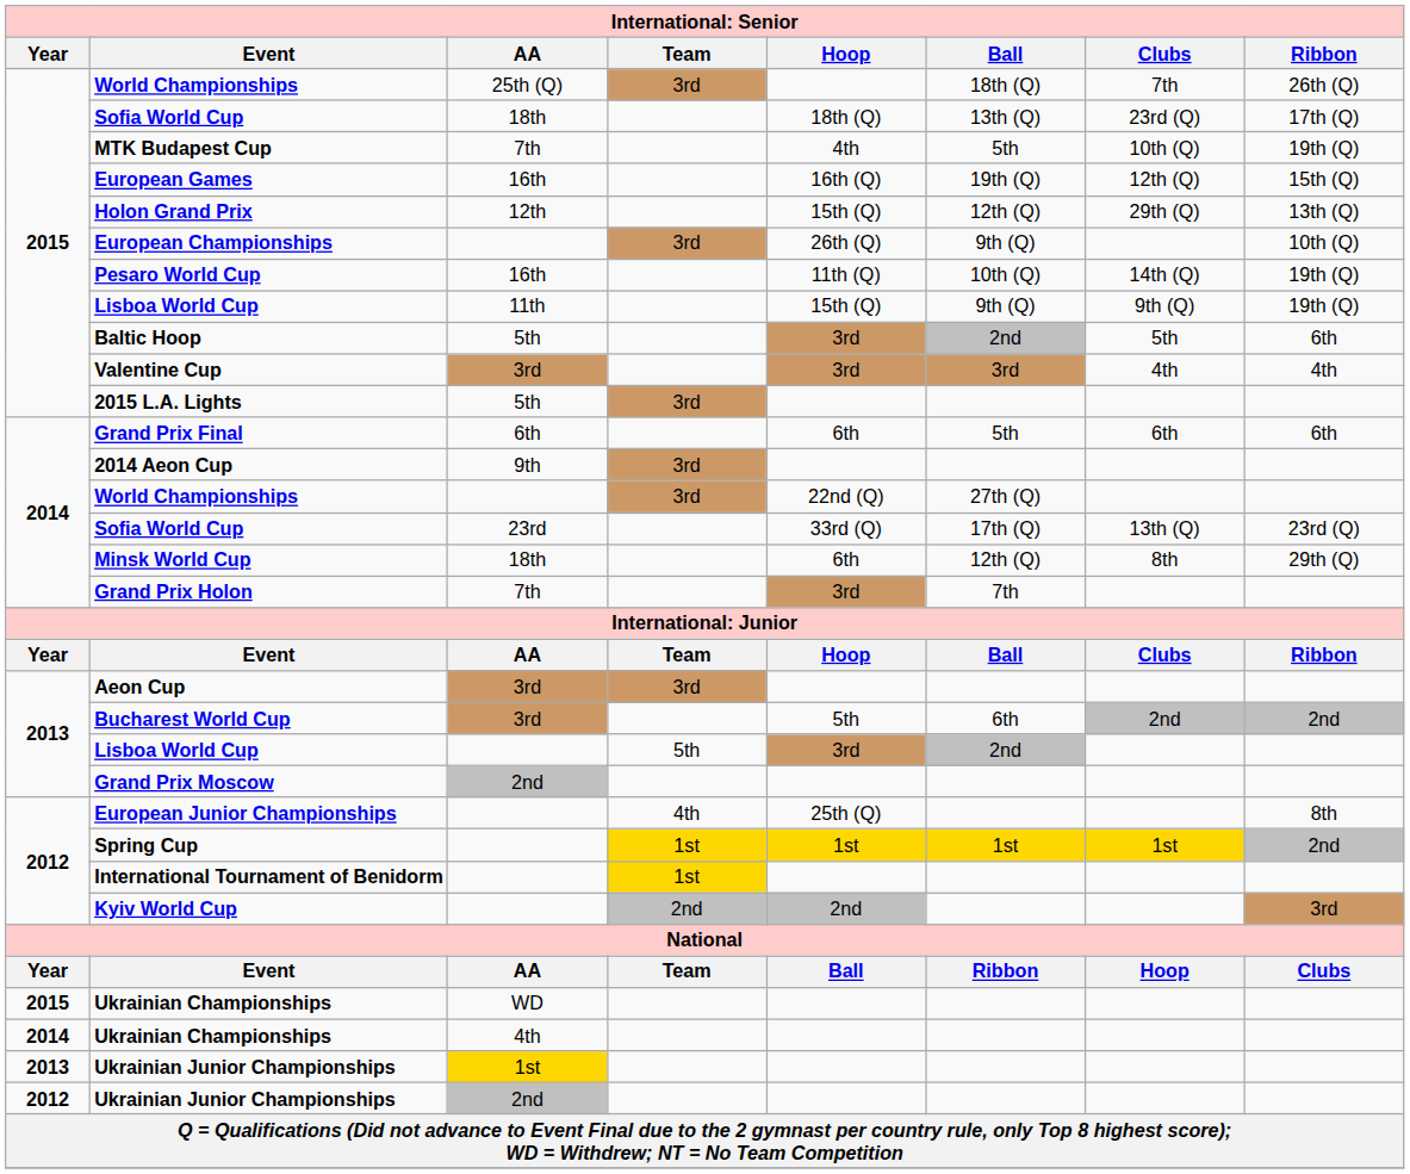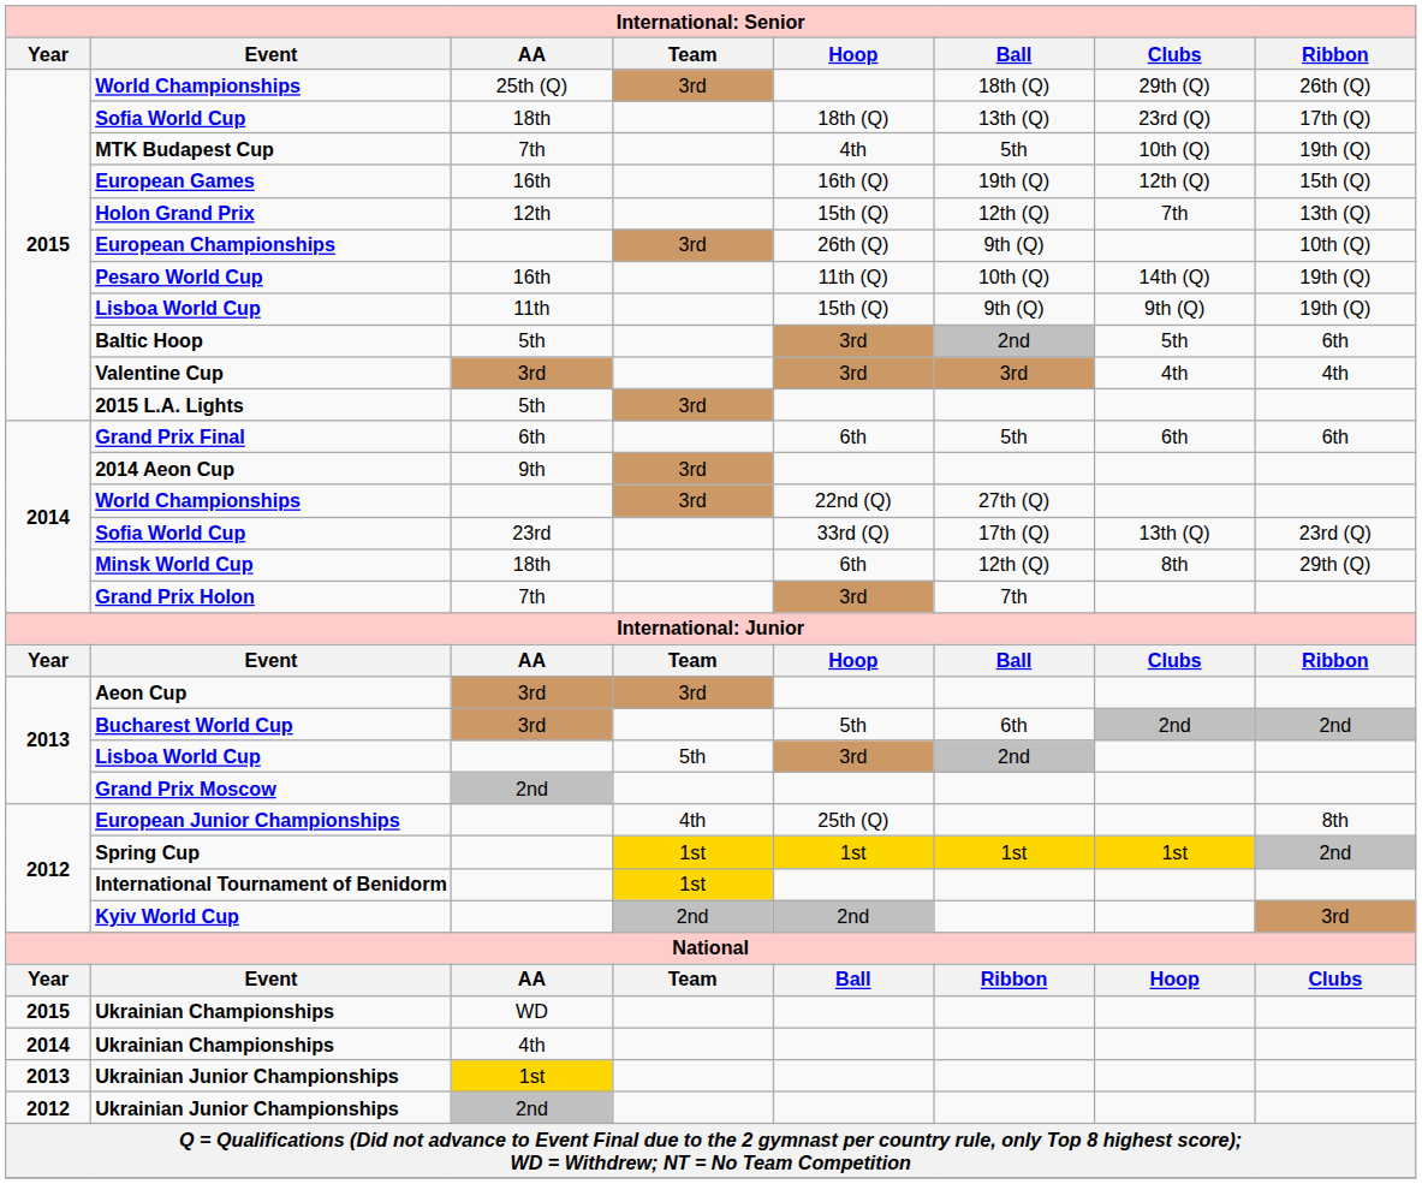 <table class="wikitable" style="text-align:center; font-size: 80%;">
 <tr>
 <th align=center colspan=8  style="background-color: #FFCCCC; "><strong>International: Senior</strong></th>
 </tr>
 <tr>
 <th>Year</th>
 <th>Event</th>
 <th width=100px>AA</th>
 <th width=100px>Team</th>
 <th width=100px><a href='#'>Hoop</a></th>
 <th width=100px><a href='#'>Ball</a></th>
 <th width=100px><a href='#'>Clubs</a></th>
 <th width=100px><a href='#'>Ribbon</a></th>
 </tr>
 <tr>
 <td rowspan="11" width=50px><strong>2015</strong></td>
 <td align=left><strong><a href='#'>World Championships</a></strong></td>
 <td>25th (Q)</td>
 <td bgcolor=CC9966>3rd</td>
 <td></td>
 <td>18th (Q)</td>
-<td>7th</td>
+<td>29th (Q)</td>
 <td>26th (Q)</td>
 </tr>
 <tr>
 <td align=left><strong><a href='#'>Sofia World Cup</a></strong></td>
 <td>18th</td>
 <td></td>
 <td>18th (Q)</td>
 <td>13th (Q)</td>
 <td>23rd (Q)</td>
 <td>17th (Q)</td>
 </tr>
 <tr>
 <td align=left><strong>MTK Budapest Cup</strong></td>
 <td>7th</td>
 <td></td>
 <td>4th</td>
 <td>5th</td>
 <td>10th (Q)</td>
 <td>19th (Q)</td>
 </tr>
 <tr>
 <td align=left><strong><a href='#'>European Games</a></strong></td>
 <td>16th</td>
 <td></td>
 <td>16th (Q)</td>
 <td>19th (Q)</td>
 <td>12th (Q)</td>
 <td>15th (Q)</td>
 </tr>
 <tr>
 <td align=left><strong><a href='#'>Holon Grand Prix</a></strong></td>
 <td>12th</td>
 <td></td>
 <td>15th (Q)</td>
 <td>12th (Q)</td>
-<td>29th (Q)</td>
+<td>7th</td>
 <td>13th (Q)</td>
 </tr>
 <tr>
 <td align=left><strong><a href='#'>European Championships</a></strong></td>
 <td></td>
 <td bgcolor=CC9966>3rd</td>
 <td>26th (Q)</td>
 <td>9th (Q)</td>
 <td></td>
 <td>10th (Q)</td>
 </tr>
 <tr>
 <td align=left><strong><a href='#'>Pesaro World Cup</a></strong></td>
 <td>16th</td>
 <td></td>
 <td>11th (Q)</td>
 <td>10th (Q)</td>
 <td>14th (Q)</td>
 <td>19th (Q)</td>
 </tr>
 <tr>
 <td align=left><strong><a href='#'>Lisboa World Cup</a></strong></td>
 <td>11th</td>
 <td></td>
 <td>15th (Q)</td>
 <td>9th (Q)</td>
 <td>9th (Q)</td>
 <td>19th (Q)</td>
 </tr>
 <tr>
 <td align=left><strong>Baltic Hoop</strong></td>
 <td>5th</td>
 <td></td>
 <td bgcolor=CC9966>3rd</td>
 <td bgcolor=silver>2nd</td>
 <td>5th</td>
 <td>6th</td>
 </tr>
 <tr>
 <td align=left><strong>Valentine Cup</strong></td>
 <td bgcolor=CC9966>3rd</td>
 <td></td>
 <td bgcolor=CC9966>3rd</td>
 <td bgcolor=CC9966>3rd</td>
 <td>4th</td>
 <td>4th</td>
 </tr>
 <tr>
 <td align=left><strong>2015 L.A. Lights</strong></td>
 <td>5th</td>
 <td bgcolor=CC9966>3rd</td>
 <td></td>
 <td></td>
 <td></td>
 <td></td>
 </tr>
 <tr>
 <td rowspan="6" width=50px><strong>2014</strong></td>
 <td align=left><strong><a href='#'>Grand Prix Final</a></strong></td>
 <td>6th</td>
 <td></td>
 <td>6th</td>
 <td>5th</td>
 <td>6th</td>
 <td>6th</td>
 </tr>
 <tr>
 <td align=left><strong>2014 Aeon Cup</strong></td>
 <td>9th</td>
 <td bgcolor=CC9966>3rd</td>
 <td></td>
 <td></td>
 <td></td>
 <td></td>
 </tr>
 <tr>
 <td align=left><strong><a href='#'>World Championships</a></strong></td>
 <td></td>
 <td bgcolor=CC9966>3rd</td>
 <td>22nd (Q)</td>
 <td>27th (Q)</td>
 <td></td>
 <td></td>
 </tr>
 <tr>
 <td align=left><strong><a href='#'>Sofia World Cup</a></strong></td>
 <td>23rd</td>
 <td></td>
 <td>33rd (Q)</td>
 <td>17th (Q)</td>
 <td>13th (Q)</td>
 <td>23rd (Q)</td>
 </tr>
 <tr>
 <td align=left><strong><a href='#'>Minsk World Cup</a></strong></td>
 <td>18th</td>
 <td></td>
 <td>6th</td>
 <td>12th (Q)</td>
 <td>8th</td>
 <td>29th (Q)</td>
 </tr>
 <tr>
 <td align=left><strong><a href='#'>Grand Prix Holon</a></strong></td>
 <td>7th</td>
 <td></td>
 <td bgcolor=CC9966>3rd</td>
 <td>7th</td>
 <td></td>
 <td></td>
 </tr>
 <tr>
 <th align=center colspan=8  style="background-color: #FFCCCC; "><strong>International: Junior</strong></th>
 </tr>
 <tr>
 <th>Year</th>
 <th>Event</th>
 <th width=100px>AA</th>
 <th width=100px>Team</th>
 <th width=100px><a href='#'>Hoop</a></th>
 <th width=100px><a href='#'>Ball</a></th>
 <th width=100px><a href='#'>Clubs</a></th>
 <th width=100px><a href='#'>Ribbon</a></th>
 </tr>
 <tr>
 <td rowspan="4" width=50px><strong>2013</strong></td>
 <td align=left><strong>Aeon Cup</strong></td>
 <td bgcolor=CC9966>3rd</td>
 <td bgcolor=CC9966>3rd</td>
 <td></td>
 <td></td>
 <td></td>
 <td></td>
 </tr>
 <tr>
 <td align=left><strong><a href='#'>Bucharest World Cup</a></strong></td>
 <td bgcolor=CC9966>3rd</td>
 <td></td>
 <td>5th</td>
 <td>6th</td>
 <td bgcolor=silver>2nd</td>
 <td bgcolor=silver>2nd</td>
 </tr>
 <tr>
 <td align=left><strong><a href='#'>Lisboa World Cup</a></strong></td>
 <td></td>
 <td>5th</td>
 <td bgcolor=CC9966>3rd</td>
 <td bgcolor=silver>2nd</td>
 <td></td>
 <td></td>
 </tr>
 <tr>
 <td align=left><strong><a href='#'>Grand Prix Moscow</a></strong></td>
 <td bgcolor=silver>2nd</td>
 <td></td>
 <td></td>
 <td></td>
 <td></td>
 </tr>
 <tr>
 <td rowspan="4"><strong>2012</strong></td>
 <td align=left><strong><a href='#'>European Junior Championships</a></strong></td>
 <td></td>
 <td>4th</td>
 <td>25th (Q)</td>
 <td></td>
 <td></td>
 <td>8th</td>
 </tr>
 <tr>
 <td align=left><strong>Spring Cup</strong></td>
 <td></td>
 <td bgcolor=gold>1st</td>
 <td bgcolor=gold>1st</td>
 <td bgcolor=gold>1st</td>
 <td bgcolor=gold>1st</td>
 <td bgcolor=silver>2nd</td>
 </tr>
 <tr>
 <td align=left><strong>International Tournament of Benidorm</strong></td>
 <td></td>
 <td bgcolor=gold>1st</td>
 <td></td>
 <td></td>
 <td></td>
 <td></td>
 </tr>
 <tr>
 <td align=left><strong><a href='#'>Kyiv World Cup</a></strong></td>
 <td></td>
 <td bgcolor=silver>2nd</td>
 <td bgcolor=silver>2nd</td>
 <td></td>
 <td></td>
 <td bgcolor=CC9966>3rd</td>
 </tr>
 <tr>
 <th align=center colspan=8 style="background-color: #FFCCCC; "><strong>National</strong></th>
 </tr>
 <tr>
 <th>Year</th>
 <th>Event</th>
 <th width=100px>AA</th>
 <th width=100px>Team</th>
 <th width=100px><a href='#'>Ball</a></th>
 <th width=100px><a href='#'>Ribbon</a></th>
 <th width=100px><a href='#'>Hoop</a></th>
 <th width=100px><a href='#'>Clubs</a></th>
 </tr>
 <tr>
 <td rowspan="1" width=50px><strong>2015</strong></td>
 <td align=left><strong>Ukrainian  Championships</strong></td>
 <td>WD</td>
 <td></td>
 <td></td>
 <td></td>
 <td></td>
 <td></td>
 </tr>
 <tr>
 <td rowspan="1" width=50px><strong>2014</strong></td>
 <td align=left><strong>Ukrainian  Championships</strong></td>
 <td>4th</td>
 <td></td>
 <td></td>
 <td></td>
 <td></td>
 <td></td>
 </tr>
 <tr>
 <td rowspan="1" width=50px><strong>2013</strong></td>
 <td align=left><strong>Ukrainian Junior Championships</strong></td>
 <td bgcolor=gold>1st</td>
 <td></td>
 <td></td>
 <td></td>
 <td></td>
 <td></td>
 </tr>
 <tr>
 <td rowspan="1" width=50px><strong>2012</strong></td>
 <td align=left><strong>Ukrainian Junior Championships</strong></td>
 <td bgcolor=silver>2nd</td>
 <td></td>
 <td></td>
 <td></td>
 <td></td>
 <td></td>
 </tr>
 <tr>
 <th align=center colspan=8><em>Q = Qualifications (Did not advance to Event Final due to the 2 gymnast per country rule, only Top 8 highest score);</em> <br> <em>WD = Withdrew;</em>  <em>NT = No Team Competition</em></th>
 </tr>
 <tr>
 </tr>
 </table>
